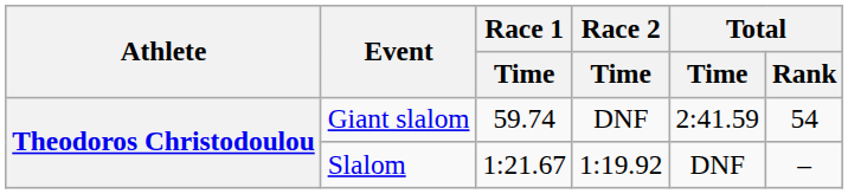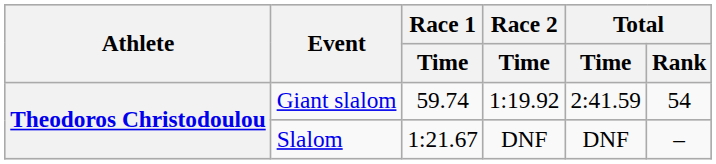 <table class="wikitable" style="font-size:90%">
 <tr>
 <th rowspan="2">Athlete</th>
 <th rowspan="2">Event</th>
 <th>Race 1</th>
 <th>Race 2</th>
 <th colspan="2">Total</th>
 </tr>
 <tr>
 <th>Time</th>
 <th>Time</th>
 <th>Time</th>
 <th>Rank</th>
 </tr>
 <tr>
 <th rowspan=2><a href='#'>Theodoros Christodoulou</a></th>
 <td><a href='#'>Giant slalom</a></td>
 <td align="center">59.74</td>
-<td align="center">DNF</td>
+<td align="center">1:19.92</td>
 <td align="center">2:41.59</td>
 <td align="center">54</td>
 </tr>
 <tr>
 <td><a href='#'>Slalom</a></td>
 <td align="center">1:21.67</td>
-<td align="center">1:19.92</td>
+<td align="center">DNF</td>
 <td align="center">DNF</td>
 <td align="center">–</td>
 </tr>
 </table>
